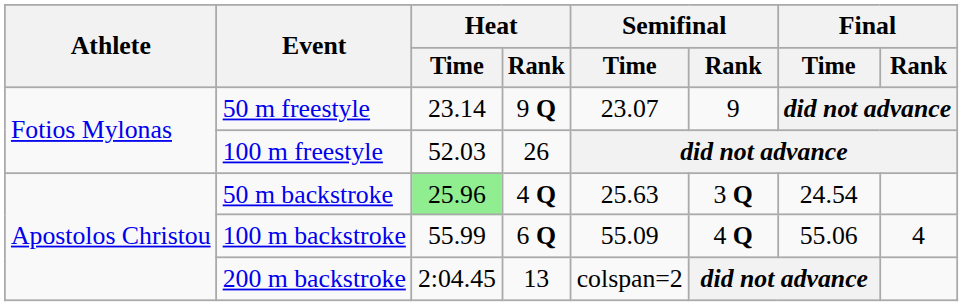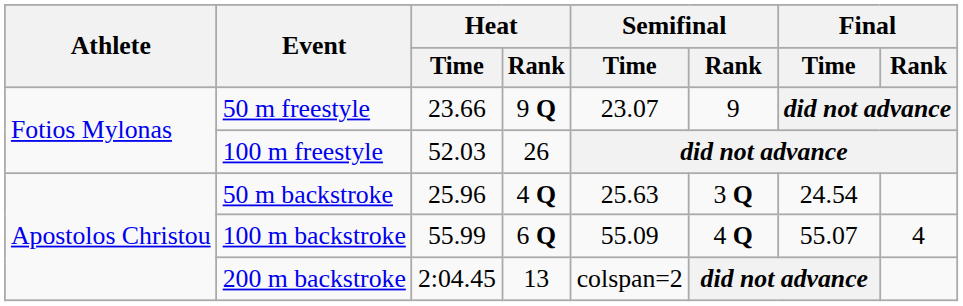 <table class=wikitable style="font-size:90%">
 <tr>
 <th rowspan=2>Athlete</th>
 <th rowspan=2>Event</th>
 <th colspan="2">Heat</th>
 <th colspan="2">Semifinal</th>
 <th colspan="2">Final</th>
 </tr>
 <tr style="font-size:95%">
 <th>Time</th>
 <th>Rank</th>
 <th>Time</th>
 <th>Rank</th>
 <th>Time</th>
 <th>Rank</th>
 </tr>
 <tr align=center>
 <td align=left rowspan=2><a href='#'>Fotios Mylonas</a></td>
 <td align=left><a href='#'>50 m freestyle</a></td>
-<td>23.14</td>
+<td>23.66</td>
 <td>9 <strong>Q</strong></td>
 <td>23.07</td>
 <td>9</td>
 <th colspan=2><strong><em>did not advance</em></strong></th>
 </tr>
 <tr align=center>
 <td align=left><a href='#'>100 m freestyle</a></td>
 <td>52.03</td>
 <td>26</td>
 <th colspan=4><strong><em>did not advance</em></strong></th>
 </tr>
 <tr align=center>
 <td align=left rowspan=3><a href='#'>Apostolos Christou</a></td>
 <td align=left><a href='#'>50 m backstroke</a></td>
-<td style="background: lightgreen;">25.96</td>
+<td>25.96</td>
 <td>4 <strong>Q</strong></td>
 <td>25.63</td>
 <td>3 <strong>Q</strong></td>
 <td>24.54</td>
 <td></td>
 </tr>
 <tr align=center>
 <td align=left><a href='#'>100 m backstroke</a></td>
 <td>55.99</td>
 <td>6 <strong>Q</strong></td>
 <td>55.09</td>
 <td>4 <strong>Q</strong></td>
-<td>55.06</td>
+<td>55.07</td>
 <td>4</td>
 </tr>
 <tr align=center>
 <td align=left><a href='#'>200 m backstroke</a></td>
 <td>2:04.45</td>
 <td>13</td>
 <td>colspan=2 </td>
 <th colspan=2><strong><em>did not advance</em></strong></th>
 </tr>
 </table>
